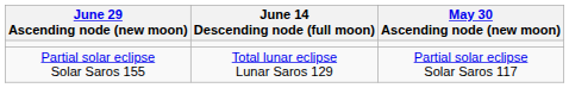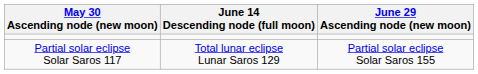 <table class="wikitable">
 <tr>
+<th><a href='#'>May 30</a><br>Ascending node (new moon)</th>
+<th>June 14<br>Descending node (full moon)</th>
 <th><a href='#'>June 29</a><br>Ascending node (new moon)</th>
-<th>June 14<br>Descending node (full moon)</th>
-<th><a href='#'>May 30</a><br>Ascending node (new moon)</th>
 </tr>
 <tr>
 <td></td>
 <td></td>
 <td></td>
 </tr>
 <tr align=center>
+<td><a href='#'>Partial solar eclipse</a><br>Solar Saros 117</td>
+<td><a href='#'>Total lunar eclipse</a><br>Lunar Saros 129</td>
 <td><a href='#'>Partial solar eclipse</a><br>Solar Saros 155</td>
-<td><a href='#'>Total lunar eclipse</a><br>Lunar Saros 129</td>
-<td><a href='#'>Partial solar eclipse</a><br>Solar Saros 117</td>
 </tr>
 </table>
